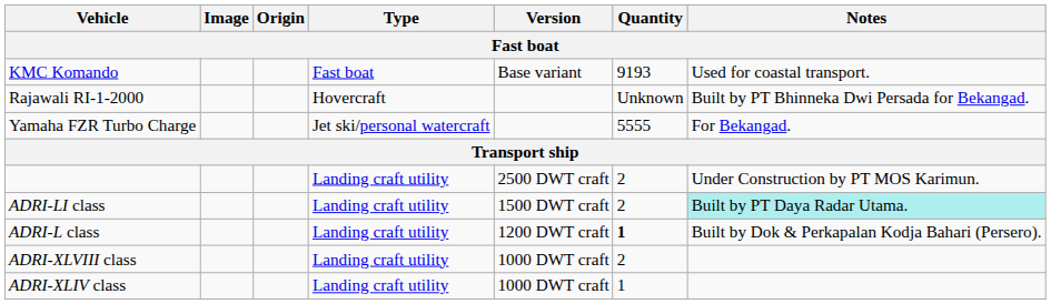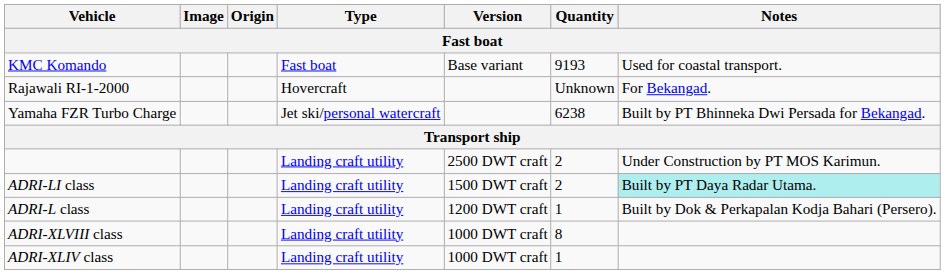 <table class="wikitable">
 <tr bgcolor=#aabcc>
 <th>Vehicle</th>
 <th>Image</th>
 <th>Origin</th>
 <th>Type</th>
 <th>Version</th>
 <th>Quantity</th>
 <th>Notes</th>
 </tr>
 <tr>
 <th colspan="8" style="align: center;">Fast boat</th>
 </tr>
 <tr>
 <td><a href='#'>KMC Komando</a></td>
 <td></td>
 <td></td>
 <td><a href='#'>Fast boat</a></td>
 <td>Base variant</td>
 <td>9193</td>
 <td>Used for coastal transport.</td>
 </tr>
 <tr>
 <td>Rajawali RI-1-2000</td>
 <td></td>
 <td></td>
 <td>Hovercraft</td>
 <td></td>
 <td>Unknown</td>
-<td>Built by PT Bhinneka Dwi Persada for <a href='#'>Bekangad</a>.</td>
+<td>For <a href='#'>Bekangad</a>.</td>
 </tr>
 <tr>
 <td>Yamaha FZR Turbo Charge</td>
 <td></td>
 <td></td>
 <td>Jet ski/<a href='#'>personal watercraft</a></td>
 <td></td>
-<td>5555</td>
-<td>For <a href='#'>Bekangad</a>.</td>
+<td>6238</td>
+<td>Built by PT Bhinneka Dwi Persada for <a href='#'>Bekangad</a>.</td>
 </tr>
 <tr>
 <th colspan="8" style="align: center;">Transport ship</th>
 </tr>
 <tr>
 <td></td>
 <td></td>
 <td></td>
 <td><a href='#'>Landing craft utility</a></td>
 <td>2500 DWT craft</td>
 <td>2</td>
 <td>Under Construction by PT MOS Karimun.</td>
 </tr>
 <tr>
 <td><em>ADRI-LI</em> class</td>
 <td></td>
 <td></td>
 <td><a href='#'>Landing craft utility</a></td>
 <td>1500 DWT craft</td>
 <td>2</td>
 <td style="background: paleturquoise;">Built by PT Daya Radar Utama.</td>
 </tr>
 <tr>
 <td><em>ADRI-L</em> class</td>
 <td></td>
 <td></td>
 <td><a href='#'>Landing craft utility</a></td>
 <td>1200 DWT craft</td>
-<td><strong>1</strong></td>
+<td>1</td>
 <td>Built by Dok & Perkapalan Kodja Bahari (Persero).</td>
 </tr>
 <tr>
 <td><em>ADRI-XLVIII</em> class</td>
 <td></td>
 <td></td>
 <td><a href='#'>Landing craft utility</a></td>
 <td>1000 DWT craft</td>
-<td>2</td>
+<td>8</td>
 <td></td>
 </tr>
 <tr>
 <td><em>ADRI-XLIV</em> class</td>
 <td></td>
 <td></td>
 <td><a href='#'>Landing craft utility</a></td>
 <td>1000 DWT craft</td>
 <td>1</td>
 <td></td>
 </tr>
 </table>
